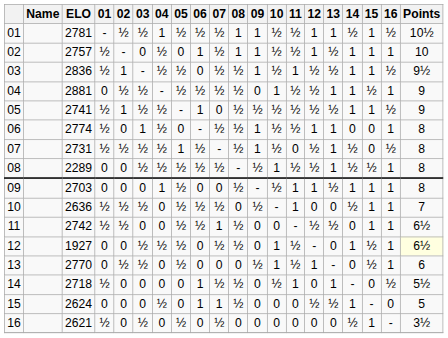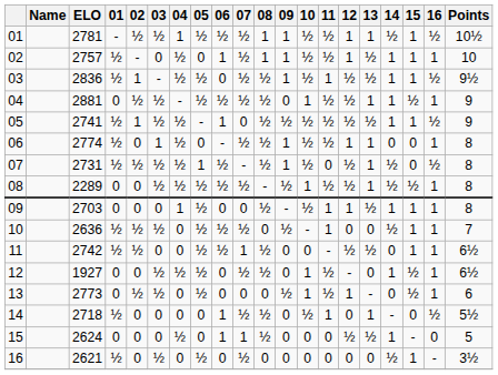 <table class="wikitable" style="text-align:center;">
 <tr>
 <th></th>
 <th>Name</th>
 <th>ELO</th>
 <th>01</th>
 <th>02</th>
 <th>03</th>
 <th>04</th>
 <th>05</th>
 <th>06</th>
 <th>07</th>
 <th>08</th>
 <th>09</th>
 <th>10</th>
 <th>11</th>
 <th>12</th>
 <th>13</th>
 <th>14</th>
 <th>15</th>
 <th>16</th>
 <th>Points</th>
 </tr>
 <tr>
 <td>01</td>
 <td style="text-align:left;" data-sort-value="Aronian"></td>
 <td>2781</td>
 <td>-</td>
 <td>½</td>
 <td>½</td>
 <td>1</td>
 <td>½</td>
 <td>½</td>
 <td>½</td>
 <td>1</td>
 <td>1</td>
 <td>½</td>
 <td>½</td>
 <td>1</td>
 <td>1</td>
 <td>½</td>
 <td>1</td>
 <td>½</td>
 <td>10½</td>
 </tr>
 <tr>
 <td>02</td>
 <td style="text-align:left;" data-sort-value="Artemiev"></td>
 <td>2757</td>
 <td>½</td>
 <td>-</td>
 <td>0</td>
 <td>½</td>
 <td>0</td>
 <td>1</td>
 <td>½</td>
 <td>1</td>
 <td>1</td>
 <td>½</td>
 <td>½</td>
 <td>1</td>
 <td>½</td>
 <td>1</td>
 <td>1</td>
 <td>1</td>
 <td>10</td>
 </tr>
 <tr>
 <td>03</td>
 <td style="text-align:left;" data-sort-value="Ding"></td>
 <td>2836</td>
 <td>½</td>
 <td>1</td>
 <td>-</td>
 <td>½</td>
 <td>½</td>
 <td>0</td>
 <td>½</td>
 <td>½</td>
 <td>1</td>
 <td>½</td>
 <td>1</td>
 <td>½</td>
 <td>½</td>
 <td>1</td>
 <td>1</td>
 <td>½</td>
 <td>9½</td>
 </tr>
 <tr>
 <td>04</td>
 <td style="text-align:left;" data-sort-value="Carlsen"></td>
 <td>2881</td>
 <td>0</td>
 <td>½</td>
 <td>½</td>
 <td>-</td>
 <td>½</td>
 <td>½</td>
 <td>½</td>
 <td>½</td>
 <td>0</td>
 <td>1</td>
 <td>½</td>
 <td>½</td>
 <td>1</td>
 <td>1</td>
 <td>½</td>
 <td>1</td>
 <td>9</td>
 </tr>
 <tr>
 <td>05</td>
 <td style="text-align:left;" data-sort-value="So"></td>
 <td>2741</td>
 <td>½</td>
 <td>1</td>
 <td>½</td>
 <td>½</td>
 <td>-</td>
 <td>1</td>
 <td>0</td>
 <td>½</td>
 <td>½</td>
 <td>½</td>
 <td>½</td>
 <td>½</td>
 <td>½</td>
 <td>1</td>
 <td>1</td>
 <td>½</td>
 <td>9</td>
 </tr>
 <tr>
 <td>06</td>
 <td style="text-align:left;" data-sort-value="Duda"></td>
 <td>2774</td>
 <td>½</td>
 <td>0</td>
 <td>1</td>
 <td>½</td>
 <td>0</td>
 <td>-</td>
 <td>½</td>
 <td>½</td>
 <td>1</td>
 <td>½</td>
 <td>½</td>
 <td>1</td>
 <td>1</td>
 <td>0</td>
 <td>0</td>
 <td>1</td>
 <td>8</td>
 </tr>
 <tr>
 <td>07</td>
 <td style="text-align:left;" data-sort-value="Giri"></td>
 <td>2731</td>
 <td>½</td>
 <td>½</td>
 <td>½</td>
 <td>½</td>
 <td>1</td>
 <td>½</td>
 <td>-</td>
 <td>½</td>
 <td>1</td>
 <td>½</td>
 <td>0</td>
 <td>½</td>
 <td>1</td>
 <td>½</td>
 <td>0</td>
 <td>½</td>
 <td>8</td>
 </tr>
 <tr>
 <td>08</td>
 <td style="text-align:left;" data-sort-value="Erigaisi"></td>
 <td>2289</td>
 <td>0</td>
 <td>0</td>
 <td>½</td>
 <td>½</td>
 <td>½</td>
 <td>½</td>
 <td>½</td>
 <td>-</td>
 <td>½</td>
 <td>1</td>
 <td>½</td>
 <td>½</td>
 <td>1</td>
 <td>½</td>
 <td>½</td>
 <td>1</td>
 <td>8</td>
 </tr>
 <tr>
 <td style="border-top: 2px solid #000000;">09</td>
 <td style="text-align:left;border-top: 2px solid #000000;" data-sort-value="Firouzja"></td>
 <td style="border-top: 2px solid #000000;">2703</td>
 <td style="border-top: 2px solid #000000;">0</td>
 <td style="border-top: 2px solid #000000;">0</td>
 <td style="border-top: 2px solid #000000;">0</td>
 <td style="border-top: 2px solid #000000;">1</td>
 <td style="border-top: 2px solid #000000;">½</td>
 <td style="border-top: 2px solid #000000;">0</td>
 <td style="border-top: 2px solid #000000;">0</td>
 <td style="border-top: 2px solid #000000;">½</td>
 <td style="border-top: 2px solid #000000;">-</td>
 <td style="border-top: 2px solid #000000;">½</td>
 <td style="border-top: 2px solid #000000;">1</td>
 <td style="border-top: 2px solid #000000;">1</td>
 <td style="border-top: 2px solid #000000;">½</td>
 <td style="border-top: 2px solid #000000;">1</td>
 <td style="border-top: 2px solid #000000;">1</td>
 <td style="border-top: 2px solid #000000;">1</td>
 <td style="border-top: 2px solid #000000;">8</td>
 </tr>
 <tr>
 <td>10</td>
 <td style="text-align:left;" data-sort-value="Gujrathi"></td>
 <td>2636</td>
 <td>½</td>
 <td>½</td>
 <td>½</td>
 <td>0</td>
 <td>½</td>
 <td>½</td>
 <td>½</td>
 <td>0</td>
 <td>½</td>
 <td>-</td>
 <td>1</td>
 <td>0</td>
 <td>0</td>
 <td>½</td>
 <td>1</td>
 <td>1</td>
 <td>7</td>
 </tr>
 <tr>
 <td>11</td>
 <td style="text-align:left;" data-sort-value="Svidler"></td>
 <td>2742</td>
 <td>½</td>
 <td>½</td>
 <td>0</td>
 <td>0</td>
 <td>½</td>
 <td>½</td>
 <td>1</td>
 <td>½</td>
 <td>0</td>
 <td>0</td>
 <td>-</td>
 <td>½</td>
 <td>½</td>
 <td>0</td>
 <td>1</td>
 <td>1</td>
 <td>6½</td>
 </tr>
 <tr>
 <td>12</td>
 <td style="text-align:left;" data-sort-value="Gukesh"></td>
 <td>1927</td>
 <td>0</td>
 <td>0</td>
 <td>½</td>
 <td>½</td>
 <td>½</td>
 <td>0</td>
 <td>½</td>
 <td>½</td>
 <td>0</td>
 <td>1</td>
 <td>½</td>
 <td>-</td>
 <td>0</td>
 <td>1</td>
 <td>½</td>
 <td>1</td>
-<td style="background: lightyellow;">6½</td>
+<td>6½</td>
 </tr>
 <tr>
 <td>13</td>
 <td style="text-align:left;" data-sort-value="Dubov"></td>
-<td>2770</td>
+<td>2773</td>
 <td>0</td>
 <td>½</td>
 <td>½</td>
 <td>0</td>
 <td>½</td>
 <td>0</td>
 <td>0</td>
 <td>0</td>
 <td>½</td>
 <td>1</td>
 <td>½</td>
 <td>1</td>
 <td>-</td>
 <td>0</td>
 <td>½</td>
 <td>1</td>
 <td>6</td>
 </tr>
 <tr>
 <td>14</td>
 <td style="text-align:left;" data-sort-value="Salem"></td>
 <td>2718</td>
 <td>½</td>
 <td>0</td>
 <td>0</td>
 <td>0</td>
 <td>0</td>
 <td>1</td>
 <td>½</td>
 <td>½</td>
 <td>0</td>
 <td>½</td>
 <td>1</td>
 <td>0</td>
 <td>1</td>
 <td>-</td>
 <td>0</td>
 <td>½</td>
 <td>5½</td>
 </tr>
 <tr>
 <td>15</td>
 <td style="text-align:left;" data-sort-value="Adhiban"></td>
 <td>2624</td>
 <td>0</td>
 <td>0</td>
 <td>0</td>
 <td>½</td>
 <td>0</td>
 <td>1</td>
 <td>1</td>
 <td>½</td>
 <td>0</td>
 <td>0</td>
 <td>0</td>
 <td>½</td>
 <td>½</td>
 <td>1</td>
 <td>-</td>
 <td>0</td>
 <td>5</td>
 </tr>
 <tr>
 <td>16</td>
 <td style="text-align:left;" data-sort-value="Hou"></td>
 <td>2621</td>
 <td>½</td>
 <td>0</td>
 <td>½</td>
 <td>0</td>
 <td>½</td>
 <td>0</td>
 <td>½</td>
 <td>0</td>
 <td>0</td>
 <td>0</td>
 <td>0</td>
 <td>0</td>
 <td>0</td>
 <td>½</td>
 <td>1</td>
 <td>-</td>
 <td>3½</td>
 </tr>
 <tr>
 </tr>
 </table>
